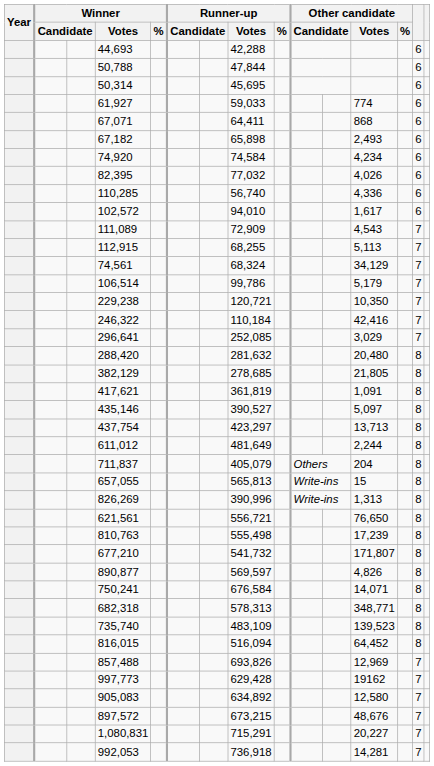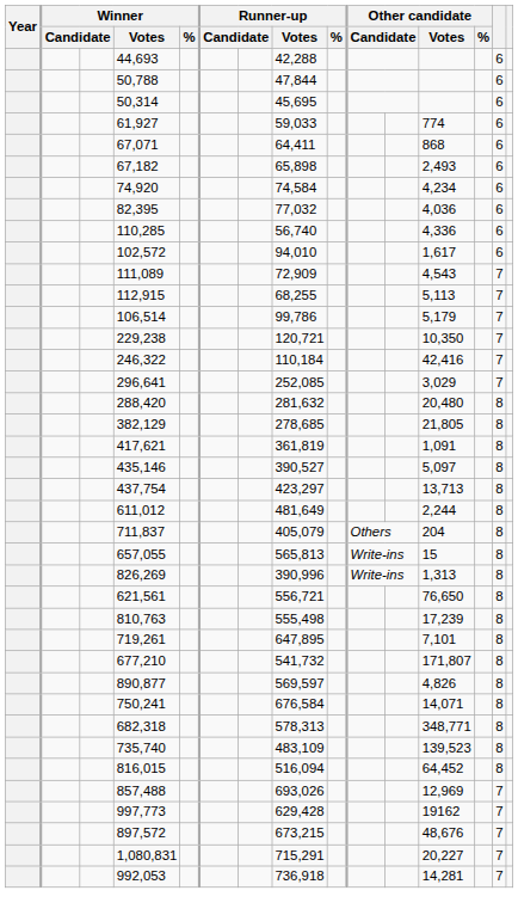 <table class="wikitable sortable">
 <tr>
 <th scope=col rowspan="2">Year</th>
 <th scope="colgroup" style="border-left:3px solid darkgray;" colspan="4">Winner</th>
 <th scope="colgroup" style="border-left:3px solid darkgray;" colspan="4">Runner-up</th>
 <th scope="colgroup" style="border-left:3px solid darkgray;" colspan="4">Other candidate</th>
 <th scope="col" rowspan="2"></th>
 <th scope="col" class="unsortable" rowspan="2"></th>
 </tr>
 <tr>
 <th scope="colgroup" style="border-left:3px solid darkgray;" colspan="2">Candidate</th>
 <th scope="col" data-sort-type="number">Votes</th>
 <th scope="col"  data-sort-type="number">%</th>
 <th scope="colgroup" style="border-left:3px solid darkgray;" colspan="2">Candidate</th>
 <th scope="col"  data-sort-type="number">Votes</th>
 <th scope="col"  data-sort-type="number">%</th>
 <th scope="colgroup"  scope="col" style="border-left:3px solid darkgray;" colspan="2">Candidate</th>
 <th scope="col"  data-sort-type="number">Votes</th>
 <th scope="col"  data-sort-type="number">%</th>
 </tr>
 <tr>
 <th scope="row"> </th>
 <td style="text-align:left; border-left:3px solid darkgray; background-color:"></td>
 <td><strong></strong> </td>
 <td>44,693</td>
 <td></td>
 <td style="text-align:left; border-left:3px solid darkgray; background-color:"></td>
 <td> </td>
 <td>42,288</td>
 <td></td>
 <td style="border-left:3px solid darkgray;"colspan="2"></td>
 <td></td>
 <td></td>
 <td>6</td>
 <td></td>
 </tr>
 <tr>
 <th scope="row"> </th>
 <td style="text-align:left; border-left:3px solid darkgray; background-color:"></td>
 <td><strong></strong> </td>
 <td>50,788</td>
 <td></td>
 <td style="text-align:left; border-left:3px solid darkgray; background-color:"></td>
 <td> </td>
 <td>47,844</td>
 <td></td>
 <td style="border-left:3px solid darkgray;"colspan="2"></td>
 <td></td>
 <td></td>
 <td>6</td>
 <td></td>
 </tr>
 <tr>
 <th scope="row"> </th>
 <td style="text-align:left; border-left:3px solid darkgray; background-color:"></td>
 <td><strong></strong> </td>
 <td>50,314</td>
 <td></td>
 <td style="text-align:left; border-left:3px solid darkgray; background-color:"></td>
 <td> </td>
 <td>45,695</td>
 <td></td>
 <td style="border-left:3px solid darkgray;"colspan="2"></td>
 <td></td>
 <td></td>
 <td>6</td>
 <td></td>
 </tr>
 <tr>
 <th scope="row"> </th>
 <td style="text-align:left; border-left:3px solid darkgray; background-color:"></td>
 <td><strong></strong> </td>
 <td>61,927</td>
 <td></td>
 <td style="text-align:left; border-left:3px solid darkgray; background-color:"></td>
 <td> </td>
 <td>59,033</td>
 <td></td>
 <td style="text-align:left; border-left:3px solid darkgray; background-color:"></td>
 <td> </td>
 <td>774</td>
 <td></td>
 <td>6</td>
 <td></td>
 </tr>
 <tr>
 <th scope="row"> </th>
 <td style="text-align:left; border-left:3px solid darkgray; background-color:"></td>
 <td><strong></strong> </td>
 <td>67,071</td>
 <td></td>
 <td style="text-align:left; border-left:3px solid darkgray; background-color:"></td>
 <td> </td>
 <td>64,411</td>
 <td></td>
 <td style="text-align:left; border-left:3px solid darkgray; background-color:"></td>
 <td> </td>
 <td>868</td>
 <td></td>
 <td>6</td>
 <td></td>
 </tr>
 <tr>
 <th scope="row"> </th>
 <td style="text-align:left; border-left:3px solid darkgray; background-color:"></td>
 <td><strong></strong> </td>
 <td>67,182</td>
 <td></td>
 <td style="text-align:left; border-left:3px solid darkgray; background-color:"></td>
 <td> </td>
 <td>65,898</td>
 <td></td>
 <td style="text-align:left; border-left:3px solid darkgray; background-color:"></td>
 <td> </td>
 <td>2,493</td>
 <td></td>
 <td>6</td>
 <td></td>
 </tr>
 <tr>
 <th scope="row"> </th>
 <td style="text-align:left; border-left:3px solid darkgray; background-color:"></td>
 <td><strong></strong> </td>
 <td>74,920</td>
 <td></td>
 <td style="text-align:left; border-left:3px solid darkgray; background-color:"></td>
 <td> </td>
 <td>74,584</td>
 <td></td>
 <td style="text-align:left; border-left:3px solid darkgray; background-color:"></td>
 <td> </td>
 <td>4,234</td>
 <td></td>
 <td>6</td>
 <td></td>
 </tr>
 <tr>
 <th scope="row"> </th>
 <td style="text-align:left; border-left:3px solid darkgray; background-color:"></td>
 <td><strong></strong> </td>
 <td>82,395</td>
 <td></td>
 <td style="text-align:left; border-left:3px solid darkgray; background-color:"></td>
 <td> </td>
 <td>77,032</td>
 <td></td>
 <td style="text-align:left; border-left:3px solid darkgray; background-color:"></td>
 <td> </td>
-<td>4,026</td>
+<td>4,036</td>
 <td></td>
 <td>6</td>
 <td></td>
 </tr>
 <tr>
 <th scope="row"> </th>
 <td style="text-align:left; border-left:3px solid darkgray; background-color:"></td>
 <td><strong></strong> </td>
 <td>110,285</td>
 <td></td>
 <td style="text-align:left; border-left:3px solid darkgray; background-color:"></td>
 <td> </td>
 <td>56,740</td>
 <td></td>
 <td style="text-align:left; border-left:3px solid darkgray; background-color:"></td>
 <td> </td>
 <td>4,336</td>
 <td></td>
 <td>6</td>
 <td></td>
 </tr>
 <tr>
 <th scope="row"> </th>
 <td style="text-align:left; border-left:3px solid darkgray; background-color:"></td>
 <td><strong></strong> </td>
 <td>102,572</td>
 <td></td>
 <td style="text-align:left; border-left:3px solid darkgray; background-color:"></td>
 <td> </td>
 <td>94,010</td>
 <td></td>
 <td style="text-align:left; border-left:3px solid darkgray; background-color:"></td>
 <td> </td>
 <td>1,617</td>
 <td></td>
 <td>6</td>
 <td></td>
 </tr>
 <tr>
 <th scope="row"> </th>
 <td style="text-align:left; border-left:3px solid darkgray; background-color:"></td>
 <td><strong></strong> </td>
 <td>111,089</td>
 <td></td>
 <td style="text-align:left; border-left:3px solid darkgray; background-color:"></td>
 <td> </td>
 <td>72,909</td>
 <td></td>
 <td style="text-align:left; border-left:3px solid darkgray; background-color:"></td>
 <td> </td>
 <td>4,543</td>
 <td></td>
 <td>7</td>
 <td></td>
 </tr>
 <tr>
 <th scope="row"> </th>
 <td style="text-align:left; border-left:3px solid darkgray; background-color:"></td>
 <td><strong></strong> </td>
 <td>112,915</td>
 <td></td>
 <td style="text-align:left; border-left:3px solid darkgray; background-color:"></td>
 <td> </td>
 <td>68,255</td>
 <td></td>
 <td style="text-align:left; border-left:3px solid darkgray; background-color:"></td>
 <td> </td>
 <td>5,113</td>
-<td></td>
-<td>7</td>
-<td></td>
-</tr>
-<tr>
-<th scope="row"> </th>
-<td style="text-align:left; border-left:3px solid darkgray; background-color:"></td>
-<td><strong></strong> </td>
-<td>74,561</td>
-<td></td>
-<td style="text-align:left; border-left:3px solid darkgray; background-color:"></td>
-<td> </td>
-<td>68,324</td>
-<td></td>
-<td style="text-align:left; border-left:3px solid darkgray; background-color:"></td>
-<td> </td>
-<td>34,129</td>
 <td></td>
 <td>7</td>
 <td></td>
 </tr>
 <tr>
 <th scope="row"> </th>
 <td style="text-align:left; border-left:3px solid darkgray; background-color:"></td>
 <td><strong></strong> </td>
 <td>106,514</td>
 <td></td>
 <td style="text-align:left; border-left:3px solid darkgray; background-color:"></td>
 <td> </td>
 <td>99,786</td>
 <td></td>
 <td style="text-align:left; border-left:3px solid darkgray; background-color:"></td>
 <td> </td>
 <td>5,179</td>
 <td></td>
 <td>7</td>
 <td></td>
 </tr>
 <tr>
 <th scope="row"> </th>
 <td style="text-align:left; border-left:3px solid darkgray; background-color:"></td>
 <td><strong></strong> </td>
 <td>229,238</td>
 <td></td>
 <td style="text-align:left; border-left:3px solid darkgray; background-color:"></td>
 <td> </td>
 <td>120,721</td>
 <td></td>
 <td style="text-align:left; border-left:3px solid darkgray; background-color:"></td>
 <td> </td>
 <td>10,350</td>
 <td></td>
 <td>7</td>
 <td></td>
 </tr>
 <tr>
 <th scope="row"> </th>
 <td style="text-align:left; border-left:3px solid darkgray; background-color:"></td>
 <td><strong></strong> </td>
 <td>246,322</td>
 <td></td>
 <td style="text-align:left; border-left:3px solid darkgray; background-color:"></td>
 <td> </td>
 <td>110,184</td>
 <td></td>
 <td style="text-align:left; border-left:3px solid darkgray; background-color:"></td>
 <td> </td>
 <td>42,416</td>
 <td></td>
 <td>7</td>
 <td></td>
 </tr>
 <tr>
 <th scope="row"> </th>
 <td style="text-align:left; border-left:3px solid darkgray; background-color:"></td>
 <td><strong></strong> </td>
 <td>296,641</td>
 <td></td>
 <td style="text-align:left; border-left:3px solid darkgray; background-color:"></td>
 <td> </td>
 <td>252,085</td>
 <td></td>
 <td style="text-align:left; border-left:3px solid darkgray; background-color:"></td>
 <td> </td>
 <td>3,029</td>
 <td></td>
 <td>7</td>
 <td></td>
 </tr>
 <tr>
 <th scope="row"> </th>
 <td style="text-align:left; border-left:3px solid darkgray; background-color:"></td>
 <td><strong></strong> </td>
 <td>288,420</td>
 <td></td>
 <td style="text-align:left; border-left:3px solid darkgray; background-color:"></td>
 <td> </td>
 <td>281,632</td>
 <td></td>
 <td style="text-align:left; border-left:3px solid darkgray; background-color:"></td>
 <td> </td>
 <td>20,480</td>
 <td></td>
 <td>8</td>
 <td></td>
 </tr>
 <tr>
 <th scope="row"> </th>
 <td style="text-align:left; border-left:3px solid darkgray; background-color:"></td>
 <td><strong></strong> </td>
 <td>382,129</td>
 <td></td>
 <td style="text-align:left; border-left:3px solid darkgray; background-color:"></td>
 <td> </td>
 <td>278,685</td>
 <td></td>
 <td style="text-align:left; border-left:3px solid darkgray; background-color:"></td>
 <td> </td>
 <td>21,805</td>
 <td></td>
 <td>8</td>
 <td></td>
 </tr>
 <tr>
 <th scope="row"> </th>
 <td style="text-align:left; border-left:3px solid darkgray; background-color:"></td>
 <td><strong></strong> </td>
 <td>417,621</td>
 <td></td>
 <td style="text-align:left; border-left:3px solid darkgray; background-color:"></td>
 <td> </td>
 <td>361,819</td>
 <td></td>
 <td style="text-align:left; border-left:3px solid darkgray; background-color:"></td>
 <td> </td>
 <td>1,091</td>
 <td></td>
 <td>8</td>
 <td></td>
 </tr>
 <tr>
 <th scope="row"> </th>
 <td style="text-align:left; border-left:3px solid darkgray; background-color:"></td>
 <td><strong></strong> </td>
 <td>435,146</td>
 <td></td>
 <td style="text-align:left; border-left:3px solid darkgray; background-color:"></td>
 <td> </td>
 <td>390,527</td>
 <td></td>
 <td style="text-align:left; border-left:3px solid darkgray; background-color:"></td>
 <td> </td>
 <td>5,097</td>
 <td></td>
 <td>8</td>
 <td></td>
 </tr>
 <tr>
 <th scope="row"> </th>
 <td style="text-align:left; border-left:3px solid darkgray; background-color:"></td>
 <td><strong></strong> </td>
 <td>437,754</td>
 <td></td>
 <td style="text-align:left; border-left:3px solid darkgray; background-color:"></td>
 <td> </td>
 <td>423,297</td>
 <td></td>
 <td style="text-align:left; border-left:3px solid darkgray; background-color:"></td>
 <td> </td>
 <td>13,713</td>
 <td></td>
 <td>8</td>
 <td></td>
 </tr>
 <tr>
 <th scope="row"> </th>
 <td style="text-align:left; border-left:3px solid darkgray; background-color:"></td>
 <td><strong></strong> </td>
 <td>611,012</td>
 <td></td>
 <td style="text-align:left; border-left:3px solid darkgray; background-color:"></td>
 <td> </td>
 <td>481,649</td>
 <td></td>
 <td style="text-align:left; border-left:3px solid darkgray; background-color:"></td>
 <td> </td>
 <td>2,244</td>
 <td></td>
 <td>8</td>
 <td></td>
 </tr>
 <tr>
 <th scope="row"> </th>
 <td style="text-align:left; border-left:3px solid darkgray; background-color:"></td>
 <td><strong></strong> </td>
 <td>711,837</td>
 <td></td>
 <td style="text-align:left; border-left:3px solid darkgray; background-color:"></td>
 <td> </td>
 <td>405,079</td>
 <td></td>
 <td style="border-left:3px solid darkgray;"colspan="2"><em>Others</em></td>
 <td>204</td>
 <td></td>
 <td>8</td>
 <td></td>
 </tr>
 <tr>
 <th scope="row"> </th>
 <td style="text-align:left; border-left:3px solid darkgray; background-color:"></td>
 <td><strong></strong> </td>
 <td>657,055</td>
 <td></td>
 <td style="text-align:left; border-left:3px solid darkgray; background-color:"></td>
 <td> </td>
 <td>565,813</td>
 <td></td>
 <td style="border-left:3px solid darkgray;"colspan="2"><em>Write-ins</em></td>
 <td>15</td>
 <td></td>
 <td>8</td>
 <td></td>
 </tr>
 <tr>
 <th scope="row"> </th>
 <td style="text-align:left; border-left:3px solid darkgray; background-color:"></td>
 <td><strong></strong> </td>
 <td>826,269</td>
 <td></td>
 <td style="text-align:left; border-left:3px solid darkgray; background-color:"></td>
 <td> </td>
 <td>390,996</td>
 <td></td>
 <td style="border-left:3px solid darkgray;"colspan="2"><em>Write-ins</em></td>
 <td>1,313</td>
 <td></td>
 <td>8</td>
 <td></td>
 </tr>
 <tr>
 <th scope="row"> </th>
 <td style="text-align:left; border-left:3px solid darkgray; background-color:"></td>
 <td><strong></strong> </td>
 <td>621,561</td>
 <td></td>
 <td style="text-align:left; border-left:3px solid darkgray; background-color:"></td>
 <td> </td>
 <td>556,721</td>
 <td></td>
 <td style="text-align:left; border-left:3px solid darkgray; background-color:"></td>
 <td> </td>
 <td>76,650</td>
 <td></td>
 <td>8</td>
 <td></td>
 </tr>
 <tr>
 <th scope="row"> </th>
 <td style="text-align:left; border-left:3px solid darkgray; background-color:"></td>
 <td><strong></strong> </td>
 <td>810,763</td>
 <td></td>
 <td style="text-align:left; border-left:3px solid darkgray; background-color:"></td>
 <td> </td>
 <td>555,498</td>
 <td></td>
 <td style="text-align:left; border-left:3px solid darkgray; background-color:"></td>
 <td> </td>
 <td>17,239</td>
 <td></td>
 <td>8</td>
 <td></td>
 </tr>
 <tr>
 <th scope="row"> </th>
 <td style="text-align:left; border-left:3px solid darkgray; background-color:"></td>
 <td><strong></strong> </td>
+<td>719,261</td>
+<td></td>
+<td style="text-align:left; border-left:3px solid darkgray; background-color:"></td>
+<td> </td>
+<td>647,895</td>
+<td></td>
+<td style="text-align:left; border-left:3px solid darkgray; background-color:"></td>
+<td> </td>
+<td>7,101</td>
+<td></td>
+<td>8</td>
+<td></td>
+</tr>
+<tr>
+<th scope="row"> </th>
+<td style="text-align:left; border-left:3px solid darkgray; background-color:"></td>
+<td><strong></strong> </td>
 <td>677,210</td>
 <td></td>
 <td style="text-align:left; border-left:3px solid darkgray; background-color:"></td>
 <td> </td>
 <td>541,732</td>
 <td></td>
 <td style="text-align:left; border-left:3px solid darkgray; background-color:"></td>
 <td> </td>
 <td>171,807</td>
 <td></td>
 <td>8</td>
 <td></td>
 </tr>
 <tr>
 <th scope="row"> </th>
 <td style="text-align:left; border-left:3px solid darkgray; background-color:"></td>
 <td><strong></strong> </td>
 <td>890,877</td>
 <td></td>
 <td style="text-align:left; border-left:3px solid darkgray; background-color:"></td>
 <td> </td>
 <td>569,597</td>
 <td></td>
 <td style="text-align:left; border-left:3px solid darkgray; background-color:"></td>
 <td> </td>
 <td>4,826</td>
 <td></td>
 <td>8</td>
 <td></td>
 </tr>
 <tr>
 <th scope="row"> </th>
 <td style="text-align:left; border-left:3px solid darkgray; background-color:"></td>
 <td><strong></strong> </td>
 <td>750,241</td>
 <td></td>
 <td style="text-align:left; border-left:3px solid darkgray; background-color:"></td>
 <td> </td>
 <td>676,584</td>
 <td></td>
 <td style="text-align:left; border-left:3px solid darkgray; background-color:"></td>
 <td> </td>
 <td>14,071</td>
 <td></td>
 <td>8</td>
 <td></td>
 </tr>
 <tr>
 <th scope="row"> </th>
 <td style="text-align:left; border-left:3px solid darkgray; background-color:"></td>
 <td><strong></strong> </td>
 <td>682,318</td>
 <td></td>
 <td style="text-align:left; border-left:3px solid darkgray; background-color:"></td>
 <td> </td>
 <td>578,313</td>
 <td></td>
 <td style="text-align:left; border-left:3px solid darkgray; background-color:"></td>
 <td> </td>
 <td>348,771</td>
 <td></td>
 <td>8</td>
 <td></td>
 </tr>
 <tr>
 <th scope="row"> </th>
 <td style="text-align:left; border-left:3px solid darkgray; background-color:"></td>
 <td><strong></strong> </td>
 <td>735,740</td>
 <td></td>
 <td style="text-align:left; border-left:3px solid darkgray; background-color:"></td>
 <td> </td>
 <td>483,109</td>
 <td></td>
 <td style="text-align:left; border-left:3px solid darkgray; background-color:"></td>
 <td> </td>
 <td>139,523</td>
 <td></td>
 <td>8</td>
 <td></td>
 </tr>
 <tr>
 <th scope="row"> </th>
 <td style="text-align:left; border-left:3px solid darkgray; background-color:"></td>
 <td><strong></strong> </td>
 <td>816,015</td>
 <td></td>
 <td style="text-align:left; border-left:3px solid darkgray; background-color:"></td>
 <td> </td>
 <td>516,094</td>
 <td></td>
 <td style="text-align:left; border-left:3px solid darkgray; background-color:"></td>
 <td> </td>
 <td>64,452</td>
 <td></td>
 <td>8</td>
 <td></td>
 </tr>
 <tr>
 <th scope="row"> </th>
 <td style="text-align:left; border-left:3px solid darkgray; background-color:"></td>
 <td><strong></strong> </td>
 <td>857,488</td>
 <td></td>
 <td style="text-align:left; border-left:3px solid darkgray; background-color:"></td>
 <td> </td>
-<td>693,826</td>
+<td>693,026</td>
 <td></td>
 <td style="text-align:left; border-left:3px solid darkgray; background-color:"></td>
 <td> </td>
 <td>12,969</td>
 <td></td>
 <td>7</td>
 <td></td>
 </tr>
 <tr>
 <th scope="row"> </th>
 <td style="text-align:left; border-left:3px solid darkgray; background-color:"></td>
 <td><strong></strong> </td>
 <td>997,773</td>
 <td></td>
 <td style="text-align:left; border-left:3px solid darkgray; background-color:"></td>
 <td> </td>
 <td>629,428</td>
 <td></td>
 <td style="text-align:left; border-left:3px solid darkgray; background-color:"></td>
 <td> </td>
 <td>19162</td>
-<td></td>
-<td>7</td>
-<td></td>
-</tr>
-<tr>
-<th scope="row"> </th>
-<td style="text-align:left; border-left:3px solid darkgray; background-color:"></td>
-<td><strong></strong> </td>
-<td>905,083</td>
-<td></td>
-<td style="text-align:left; border-left:3px solid darkgray; background-color:"></td>
-<td> </td>
-<td>634,892</td>
-<td></td>
-<td style="text-align:left; border-left:3px solid darkgray; background-color:"></td>
-<td> </td>
-<td>12,580</td>
 <td></td>
 <td>7</td>
 <td></td>
 </tr>
 <tr>
 <th scope="row"> </th>
 <td style="text-align:left; border-left:3px solid darkgray; background-color:"></td>
 <td><strong></strong> </td>
 <td>897,572</td>
 <td></td>
 <td style="text-align:left; border-left:3px solid darkgray; background-color:"></td>
 <td> </td>
 <td>673,215</td>
 <td></td>
 <td style="text-align:left; border-left:3px solid darkgray; background-color:"></td>
 <td> </td>
 <td>48,676</td>
 <td></td>
 <td>7</td>
 <td></td>
 </tr>
 <tr>
 <th scope="row"> </th>
 <td style="text-align:left; border-left:3px solid darkgray; background-color:"></td>
 <td><strong></strong> </td>
 <td>1,080,831</td>
 <td></td>
 <td style="text-align:left; border-left:3px solid darkgray; background-color:"></td>
 <td> </td>
 <td>715,291</td>
 <td></td>
 <td style="text-align:left; border-left:3px solid darkgray; background-color:"></td>
 <td> </td>
 <td>20,227</td>
 <td></td>
 <td>7</td>
 <td></td>
 </tr>
 <tr>
 <th scope="row"> </th>
 <td style="text-align:left; border-left:3px solid darkgray; background-color:"></td>
 <td><strong></strong> </td>
 <td>992,053</td>
 <td></td>
 <td style="text-align:left; border-left:3px solid darkgray; background-color:"></td>
 <td> </td>
 <td>736,918</td>
 <td></td>
 <td style="text-align:left; border-left:3px solid darkgray; background-color:"></td>
 <td> </td>
 <td>14,281</td>
 <td></td>
 <td>7</td>
 <td></td>
 </tr>
 </table>
